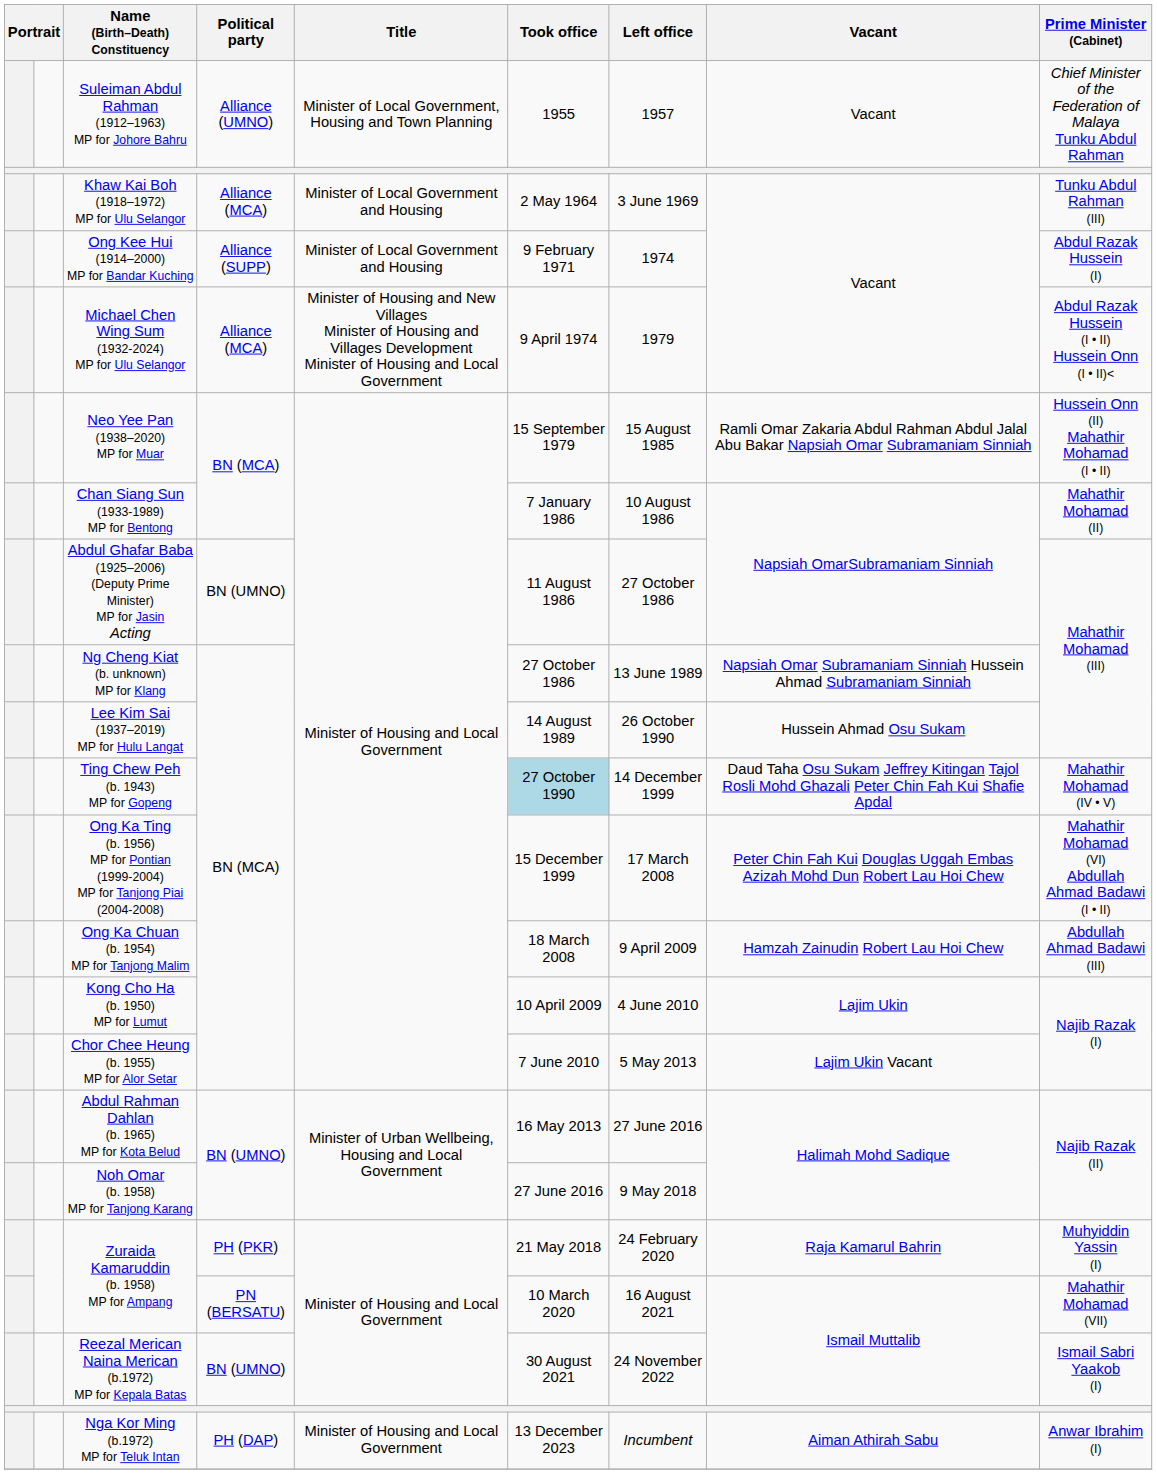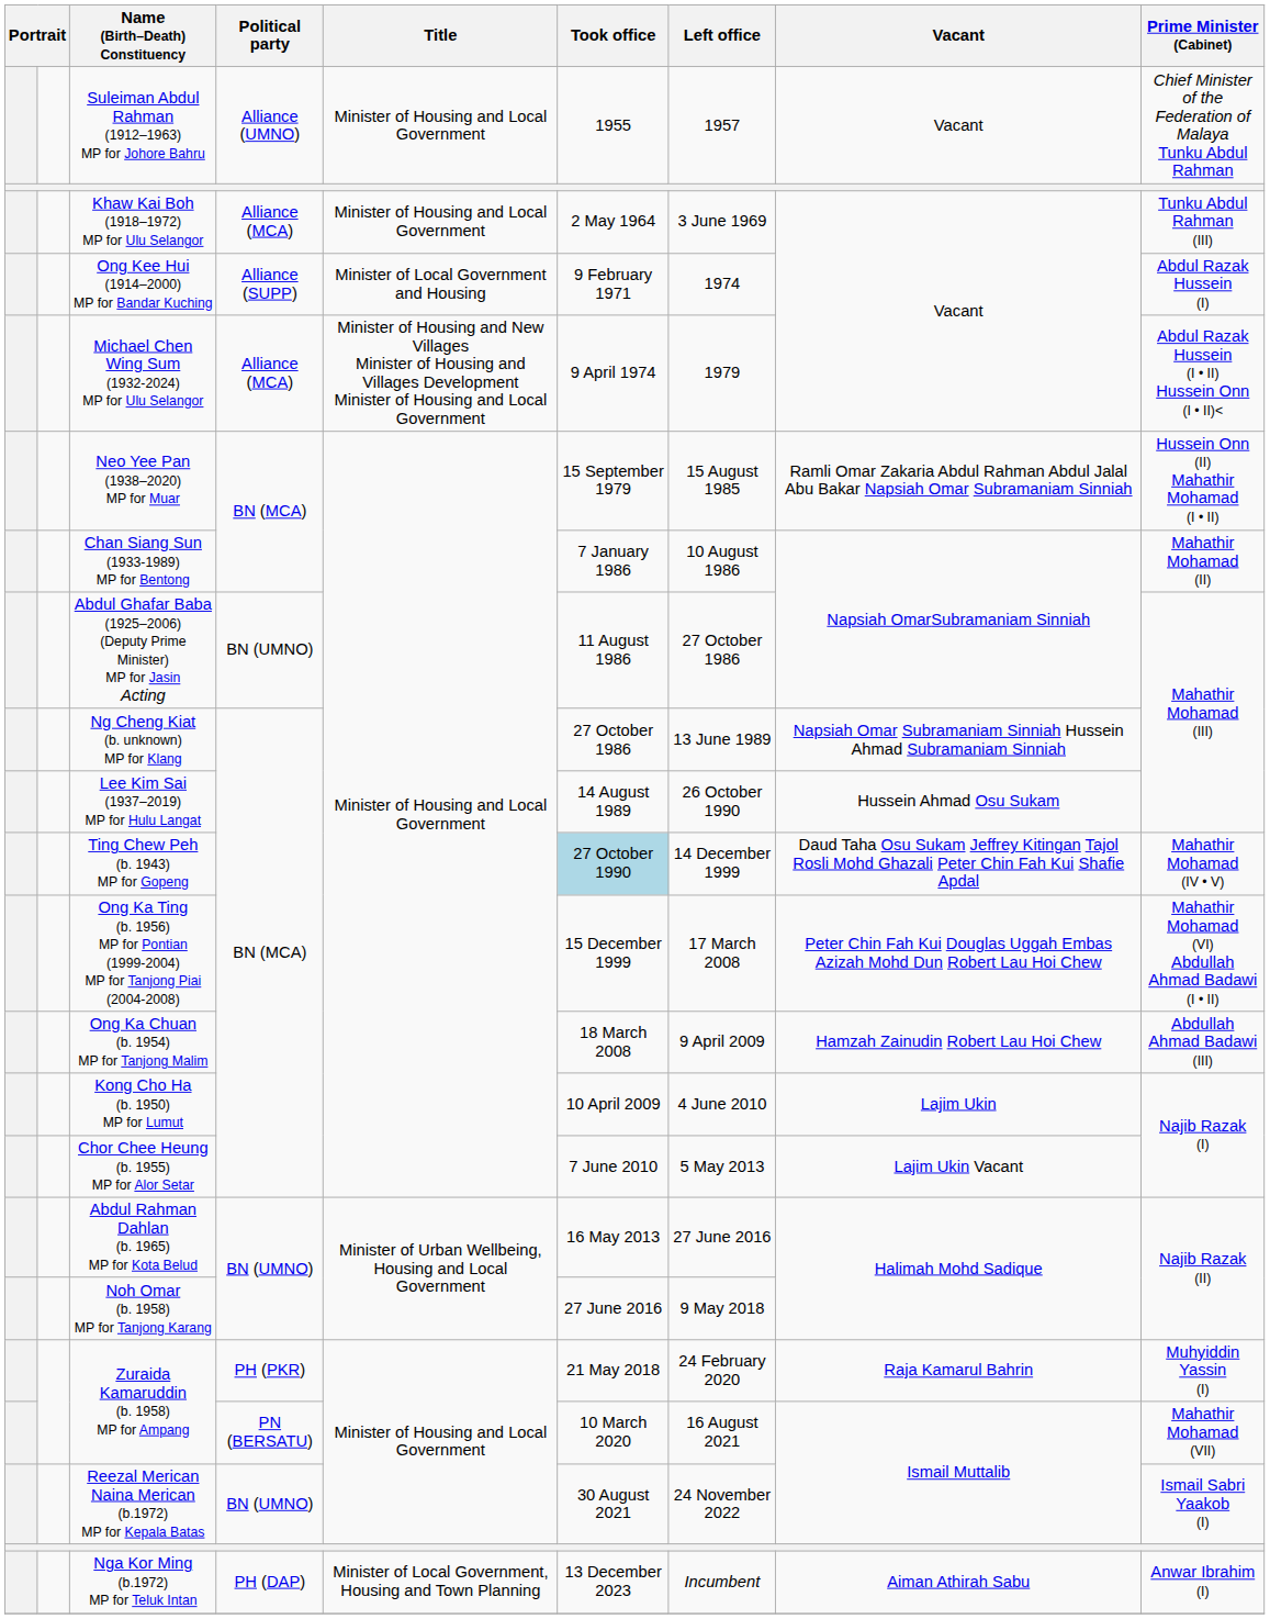 <table class="wikitable" style="text-align:center;">
 <tr>
 <th colspan=2>Portrait</th>
 <th>Name<br><small>(Birth–Death)<br>Constituency</small></th>
 <th>Political party</th>
 <th>Title</th>
 <th>Took office</th>
 <th>Left office</th>
 <th>Vacant</th>
 <th><a href='#'>Prime Minister</a><br><small>(Cabinet)</small></th>
 </tr>
 <tr>
 <th style="background:"></th>
 <td></td>
 <td><a href='#'>Suleiman Abdul Rahman</a><br><small>(1912–1963)<br>MP for <a href='#'>Johore Bahru</a></small></td>
 <td><a href='#'>Alliance</a> (<a href='#'>UMNO</a>)</td>
-<td>Minister of Local Government, Housing and Town Planning</td>
+<td>Minister of Housing and Local Government</td>
 <td>1955</td>
 <td>1957</td>
 <td>Vacant</td>
 <td><em>Chief Minister of the <br>Federation of Malaya</em><br><a href='#'>Tunku Abdul Rahman</a></td>
 </tr>
 <tr>
 <th colspan="9" bgcolor="cccccc"></th>
 </tr>
 <tr>
 <th style="background:"></th>
 <td></td>
 <td><a href='#'>Khaw Kai Boh</a><br><small>(1918–1972)<br>MP for <a href='#'>Ulu Selangor</a></small></td>
 <td><a href='#'>Alliance</a> (<a href='#'>MCA</a>)</td>
-<td>Minister of Local Government and Housing</td>
+<td>Minister of Housing and Local Government</td>
 <td>2 May 1964</td>
 <td>3 June 1969</td>
 <td rowspan="3">Vacant</td>
 <td><a href='#'>Tunku Abdul Rahman</a><br><small>(III)</small></td>
 </tr>
 <tr>
 <th style="background:"></th>
 <td></td>
 <td><a href='#'>Ong Kee Hui</a><br><small>(1914–2000)<br>MP for <a href='#'>Bandar Kuching</a></small></td>
 <td><a href='#'>Alliance</a> (<a href='#'>SUPP</a>)</td>
 <td>Minister of Local Government and Housing</td>
 <td>9 February 1971</td>
 <td>1974</td>
 <td><a href='#'>Abdul Razak Hussein</a><br><small>(I)</small></td>
 </tr>
 <tr>
 <th style="background:"></th>
 <td></td>
 <td><a href='#'>Michael Chen Wing Sum</a><br><small>(1932-2024)<br>MP for <a href='#'>Ulu Selangor</a></small></td>
 <td><a href='#'>Alliance</a> (<a href='#'>MCA</a>)</td>
 <td>Minister of Housing and New Villages<br>Minister of Housing and Villages Development<br>Minister of Housing and Local Government</td>
 <td>9 April 1974</td>
 <td>1979</td>
 <td><a href='#'>Abdul Razak Hussein</a><br><small>(I • II)</small><br><a href='#'>Hussein Onn</a><br><small>(I • II)<</small></td>
 </tr>
 <tr>
 <th style="background:"></th>
 <td></td>
 <td><a href='#'>Neo Yee Pan</a><br><small>(1938–2020)<br>MP for <a href='#'>Muar</a></small></td>
 <td rowspan="2"><a href='#'>BN</a> (<a href='#'>MCA</a>)</td>
 <td rowspan="10">Minister of Housing and Local Government</td>
 <td>15 September 1979</td>
 <td>15 August 1985</td>
 <td>Ramli Omar Zakaria Abdul Rahman Abdul Jalal Abu Bakar <a href='#'>Napsiah Omar</a> <a href='#'>Subramaniam Sinniah</a> </td>
 <td><a href='#'>Hussein Onn</a><br><small>(II)</small><br><a href='#'>Mahathir Mohamad</a><br><small>(I • II)</small></td>
 </tr>
 <tr>
 <th style="background:"></th>
 <td></td>
 <td><a href='#'>Chan Siang Sun</a><br><small>(1933-1989)<br>MP for <a href='#'>Bentong</a></small></td>
 <td>7 January 1986</td>
 <td>10 August 1986</td>
 <td rowspan="2"><a href='#'>Napsiah Omar</a><a href='#'>Subramaniam Sinniah</a></td>
 <td><a href='#'>Mahathir Mohamad</a><br><small>(II)</small></td>
 </tr>
 <tr>
 <th style="background:"></th>
 <td></td>
 <td><a href='#'>Abdul Ghafar Baba</a><br><small>(1925–2006)<br>(Deputy Prime Minister)<br>MP for <a href='#'>Jasin</a></small><br><em>Acting</em></td>
 <td>BN (UMNO)</td>
 <td>11 August 1986</td>
 <td>27 October 1986</td>
 <td rowspan="3"><a href='#'>Mahathir Mohamad</a><br><small>(III)</small></td>
 </tr>
 <tr>
 <th style="background:"></th>
 <td></td>
 <td><a href='#'>Ng Cheng Kiat</a><br><small>(b. unknown)<br>MP for <a href='#'>Klang</a></small></td>
 <td rowspan="7">BN (MCA)</td>
 <td>27 October 1986</td>
 <td>13 June 1989</td>
 <td><a href='#'>Napsiah Omar</a> <a href='#'>Subramaniam Sinniah</a>  Hussein Ahmad <a href='#'>Subramaniam Sinniah</a> </td>
 </tr>
 <tr>
 <th style="background:"></th>
 <td></td>
 <td><a href='#'>Lee Kim Sai</a><br><small>(1937–2019)<br>MP for <a href='#'>Hulu Langat</a></small></td>
 <td>14 August 1989</td>
 <td>26 October 1990</td>
 <td>Hussein Ahmad <a href='#'>Osu Sukam</a></td>
 </tr>
 <tr>
 <th style="background:"></th>
 <td></td>
 <td><a href='#'>Ting Chew Peh</a><br><small>(b. 1943)<br>MP for <a href='#'>Gopeng</a></small></td>
 <td style="background: lightblue;">27 October 1990</td>
 <td>14 December 1999</td>
 <td>Daud Taha <a href='#'>Osu Sukam</a>  <a href='#'>Jeffrey Kitingan</a> <a href='#'>Tajol Rosli Mohd Ghazali</a> <a href='#'>Peter Chin Fah Kui</a>  <a href='#'>Shafie Apdal</a></td>
 <td><a href='#'>Mahathir Mohamad</a><br><small>(IV • V)</small></td>
 </tr>
 <tr>
 <th style="background:"></th>
 <td></td>
 <td><a href='#'>Ong Ka Ting</a><br><small>(b. 1956)<br>MP for <a href='#'>Pontian</a><br>(1999-2004) <br> MP for <a href='#'>Tanjong Piai</a> <br> (2004-2008)</small></td>
 <td>15 December 1999</td>
 <td>17 March 2008</td>
 <td><a href='#'>Peter Chin Fah Kui</a> <a href='#'>Douglas Uggah Embas</a>  <a href='#'>Azizah Mohd Dun</a> <a href='#'>Robert Lau Hoi Chew</a> </td>
 <td><a href='#'>Mahathir Mohamad</a><br><small>(VI)</small><br><a href='#'>Abdullah Ahmad Badawi</a><br><small>(I • II)</small></td>
 </tr>
 <tr>
 <th style="background:"></th>
 <td></td>
 <td><a href='#'>Ong Ka Chuan</a><br><small>(b. 1954)<br>MP for <a href='#'>Tanjong Malim</a></small></td>
 <td>18 March 2008</td>
 <td>9 April 2009</td>
 <td><a href='#'>Hamzah Zainudin</a> <a href='#'>Robert Lau Hoi Chew</a> </td>
 <td><a href='#'>Abdullah Ahmad Badawi</a><br><small>(III)</small></td>
 </tr>
 <tr>
 <th style="background:"></th>
 <td></td>
 <td><a href='#'>Kong Cho Ha</a><br><small>(b. 1950)<br>MP for <a href='#'>Lumut</a></small></td>
 <td>10 April 2009</td>
 <td>4 June 2010</td>
 <td><a href='#'>Lajim Ukin</a></td>
 <td rowspan="2"><a href='#'>Najib Razak</a><br><small>(I)</small></td>
 </tr>
 <tr>
 <th style="background:"></th>
 <td></td>
 <td><a href='#'>Chor Chee Heung</a><br><small>(b. 1955)<br>MP for <a href='#'>Alor Setar</a></small></td>
 <td>7 June 2010</td>
 <td>5 May 2013</td>
 <td><a href='#'>Lajim Ukin</a> Vacant </td>
 </tr>
 <tr>
 <th style="background:"></th>
 <td></td>
 <td><a href='#'>Abdul Rahman Dahlan</a><br><small>(b. 1965)<br>MP for <a href='#'>Kota Belud</a></small></td>
 <td rowspan=2><a href='#'>BN</a> (<a href='#'>UMNO</a>)</td>
 <td rowspan=2>Minister of Urban Wellbeing, Housing and Local Government</td>
 <td>16 May 2013</td>
 <td>27 June 2016</td>
 <td rowspan="2"><a href='#'>Halimah Mohd Sadique</a></td>
 <td rowspan="2"><a href='#'>Najib Razak</a><br><small>(II)</small></td>
 </tr>
 <tr>
 <th style="background:"></th>
 <td></td>
 <td><a href='#'>Noh Omar</a><br><small>(b. 1958)<br>MP for <a href='#'>Tanjong Karang</a></small></td>
 <td>27 June 2016</td>
 <td>9 May 2018</td>
 </tr>
 <tr>
 <th style="background:"></th>
 <td rowspan=2></td>
 <td rowspan=2><a href='#'>Zuraida Kamaruddin</a><br><small>(b. 1958)<br>MP for <a href='#'>Ampang</a></small></td>
 <td><a href='#'>PH</a> (<a href='#'>PKR</a>)</td>
 <td rowspan=3>Minister of Housing and Local Government</td>
 <td>21 May 2018</td>
 <td>24 February 2020</td>
 <td><a href='#'>Raja Kamarul Bahrin</a></td>
 <td><a href='#'>Muhyiddin Yassin</a><br><small>(I)</small></td>
 </tr>
 <tr>
 <th style="background:"></th>
 <td><a href='#'>PN</a> (<a href='#'>BERSATU</a>)</td>
 <td>10 March 2020</td>
 <td>16 August 2021</td>
 <td rowspan="2"><a href='#'>Ismail Muttalib</a></td>
 <td><a href='#'>Mahathir Mohamad</a><br><small>(VII)</small></td>
 </tr>
 <tr>
 <th style="background:"></th>
 <td></td>
 <td><a href='#'>Reezal Merican Naina Merican</a><br><small>(b.1972)<br>MP for <a href='#'>Kepala Batas</a></small></td>
 <td><a href='#'>BN</a> (<a href='#'>UMNO</a>)</td>
 <td>30 August 2021</td>
 <td>24 November 2022</td>
 <td><a href='#'>Ismail Sabri Yaakob</a><br><small>(I)</small></td>
 </tr>
 <tr>
 <th colspan="9" bgcolor="cccccc"></th>
 </tr>
 <tr>
 <th style="background:"></th>
 <td></td>
 <td><a href='#'>Nga Kor Ming</a><br><small>(b.1972)<br>MP for <a href='#'>Teluk Intan</a></small></td>
 <td><a href='#'>PH</a> (<a href='#'>DAP</a>)</td>
-<td>Minister of Housing and Local Government</td>
+<td>Minister of Local Government, Housing and Town Planning</td>
 <td>13 December 2023</td>
 <td><em>Incumbent</em></td>
 <td><a href='#'>Aiman Athirah Sabu</a></td>
 <td><a href='#'>Anwar Ibrahim</a><br><small>(I)</small></td>
 </tr>
 <tr>
 </tr>
 </table>
